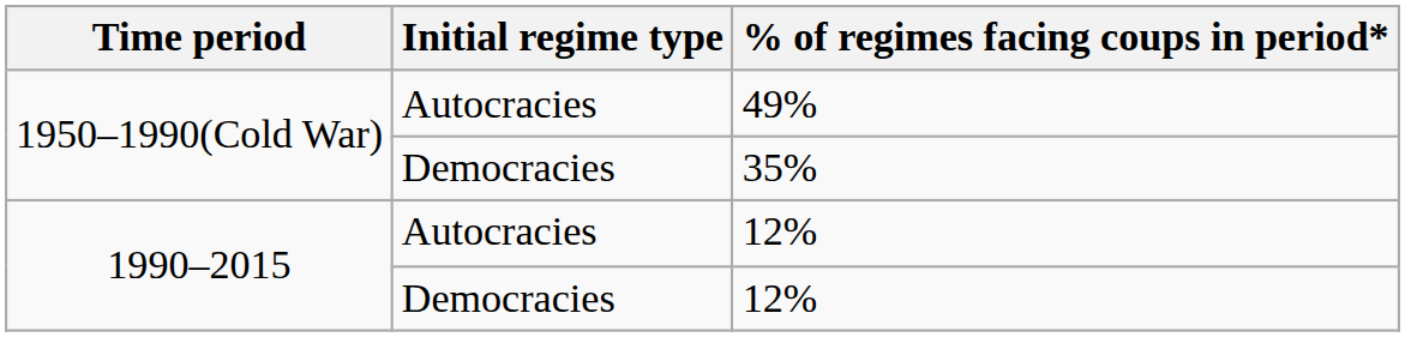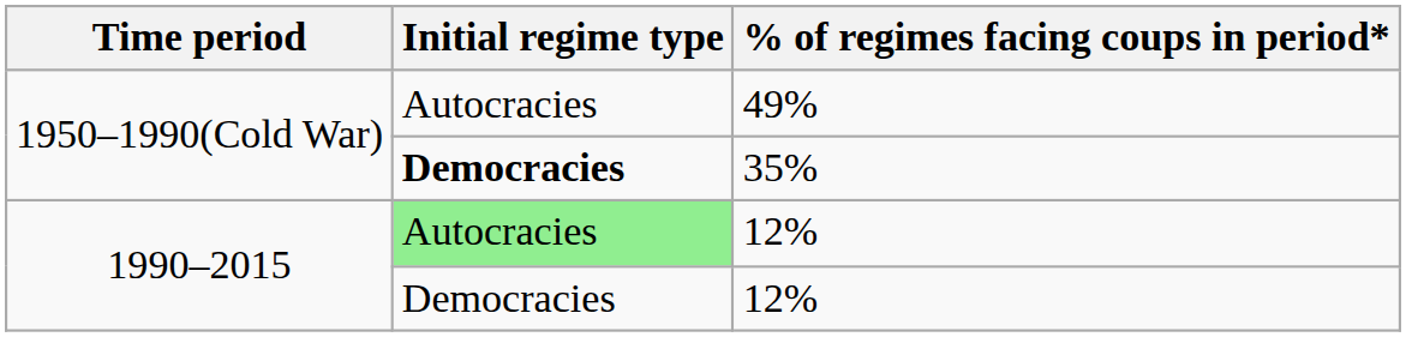 <table class="wikitable" float=right>
 <tr>
 <th>Time period</th>
 <th>Initial regime type</th>
 <th>% of regimes facing coups in period*</th>
 </tr>
 <tr>
 <td rowspan=2 align=center>1950–1990(Cold War)</td>
 <td>Autocracies</td>
 <td>49%</td>
 </tr>
 <tr>
-<td>Democracies</td>
+<td><strong>Democracies</strong></td>
 <td>35%</td>
 </tr>
 <tr>
 <td rowspan=2 align=center>1990–2015</td>
-<td>Autocracies</td>
+<td style="background: lightgreen;">Autocracies</td>
 <td>12%</td>
 </tr>
 <tr>
 <td>Democracies</td>
 <td>12%</td>
 </tr>
 </table>
